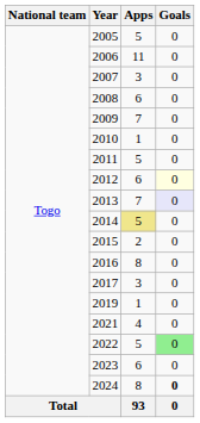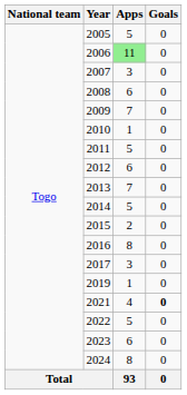 <table class="wikitable" style="text-align:center">
 <tr>
 <th>National team</th>
 <th>Year</th>
 <th>Apps</th>
 <th>Goals</th>
 </tr>
 <tr>
 <td rowspan="18"><a href='#'>Togo</a></td>
 <td>2005</td>
 <td>5</td>
 <td>0</td>
 </tr>
 <tr>
 <td>2006</td>
-<td>11</td>
+<td style="background: lightgreen;">11</td>
 <td>0</td>
 </tr>
 <tr>
 <td>2007</td>
 <td>3</td>
 <td>0</td>
 </tr>
 <tr>
 <td>2008</td>
 <td>6</td>
 <td>0</td>
 </tr>
 <tr>
 <td>2009</td>
 <td>7</td>
 <td>0</td>
 </tr>
 <tr>
 <td>2010</td>
 <td>1</td>
 <td>0</td>
 </tr>
 <tr>
 <td>2011</td>
 <td>5</td>
 <td>0</td>
 </tr>
 <tr>
 <td>2012</td>
 <td>6</td>
-<td style="background: lightyellow;">0</td>
+<td>0</td>
 </tr>
 <tr>
 <td>2013</td>
 <td>7</td>
-<td style="background: lavender;">0</td>
+<td>0</td>
 </tr>
 <tr>
 <td>2014</td>
-<td style="background: khaki;">5</td>
+<td>5</td>
 <td>0</td>
 </tr>
 <tr>
 <td>2015</td>
 <td>2</td>
 <td>0</td>
 </tr>
 <tr>
 <td>2016</td>
 <td>8</td>
 <td>0</td>
 </tr>
 <tr>
 <td>2017</td>
 <td>3</td>
 <td>0</td>
 </tr>
 <tr>
 <td>2019</td>
 <td>1</td>
 <td>0</td>
 </tr>
 <tr>
 <td>2021</td>
 <td>4</td>
-<td>0</td>
+<td><strong>0</strong></td>
 </tr>
 <tr>
 <td>2022</td>
 <td>5</td>
-<td style="background: lightgreen;">0</td>
+<td>0</td>
 </tr>
 <tr>
 <td>2023</td>
 <td>6</td>
 <td>0</td>
 </tr>
 <tr>
 <td>2024</td>
 <td>8</td>
-<td><strong>0</strong></td>
+<td>0</td>
 </tr>
 <tr>
 <th colspan="2">Total</th>
 <th>93</th>
 <th>0</th>
 </tr>
 </table>
